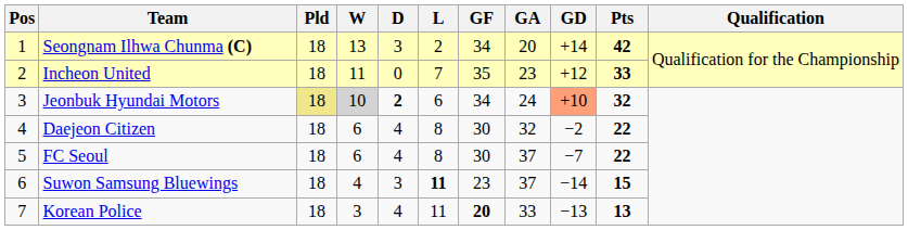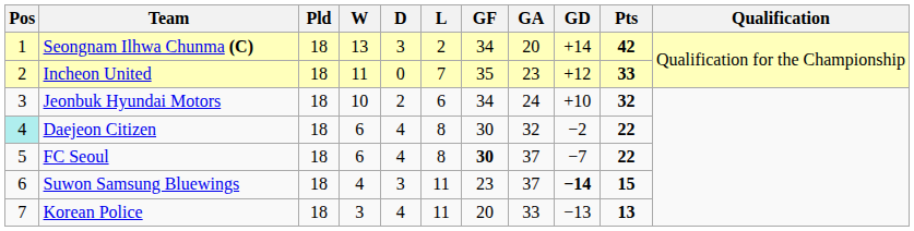 <table class="wikitable" style="text-align:center;">
 <tr>
 <th width=20>Pos</th>
 <th width=230>Team</th>
 <th width=30 abbr="Played">Pld</th>
 <th width=30 abbr="Won">W</th>
 <th width=30 abbr="Draw">D</th>
 <th width=30 abbr="Lost">L</th>
 <th width=35 abbr="Goals for">GF</th>
 <th width=35 abbr="Goals against">GA</th>
 <th width=35 abbr="Goal difference">GD</th>
 <th width=40 abbr="Points">Pts</th>
 <th>Qualification</th>
 </tr>
 <tr bgcolor=#ffffbb>
 <td>1</td>
 <td align="left"><a href='#'>Seongnam Ilhwa Chunma</a> <strong>(C)</strong></td>
 <td>18</td>
 <td>13</td>
 <td>3</td>
 <td>2</td>
 <td>34</td>
 <td>20</td>
 <td>+14</td>
 <td><strong>42</strong></td>
 <td rowspan=2>Qualification for the Championship</td>
 </tr>
 <tr bgcolor=#ffffbb>
 <td>2</td>
 <td align="left"><a href='#'>Incheon United</a></td>
 <td>18</td>
 <td>11</td>
 <td>0</td>
 <td>7</td>
 <td>35</td>
 <td>23</td>
 <td>+12</td>
 <td><strong>33</strong></td>
 </tr>
 <tr>
 <td>3</td>
 <td align="left"><a href='#'>Jeonbuk Hyundai Motors</a></td>
-<td style="background: khaki;">18</td>
-<td style="background: lightgrey;">10</td>
-<td><strong>2</strong></td>
+<td>18</td>
+<td>10</td>
+<td>2</td>
 <td>6</td>
 <td>34</td>
 <td>24</td>
-<td style="background: lightsalmon;">+10</td>
+<td>+10</td>
 <td><strong>32</strong></td>
 <td rowspan=5></td>
 </tr>
 <tr>
-<td>4</td>
+<td style="background: paleturquoise;">4</td>
 <td align="left"><a href='#'>Daejeon Citizen</a></td>
 <td>18</td>
 <td>6</td>
 <td>4</td>
 <td>8</td>
 <td>30</td>
 <td>32</td>
 <td>−2</td>
 <td><strong>22</strong></td>
 </tr>
 <tr>
 <td>5</td>
 <td align="left"><a href='#'>FC Seoul</a></td>
 <td>18</td>
 <td>6</td>
 <td>4</td>
 <td>8</td>
-<td>30</td>
+<td><strong>30</strong></td>
 <td>37</td>
 <td>−7</td>
 <td><strong>22</strong></td>
 </tr>
 <tr>
 <td>6</td>
 <td align="left"><a href='#'>Suwon Samsung Bluewings</a></td>
 <td>18</td>
 <td>4</td>
 <td>3</td>
-<td><strong>11</strong></td>
+<td>11</td>
 <td>23</td>
 <td>37</td>
-<td>−14</td>
+<td><strong>−14</strong></td>
 <td><strong>15</strong></td>
 </tr>
 <tr>
 <td>7</td>
 <td align="left"><a href='#'>Korean Police</a></td>
 <td>18</td>
 <td>3</td>
 <td>4</td>
 <td>11</td>
-<td><strong>20</strong></td>
+<td>20</td>
 <td>33</td>
 <td>−13</td>
 <td><strong>13</strong></td>
 </tr>
 </table>
